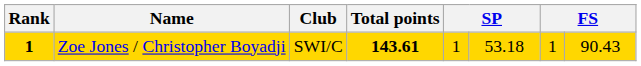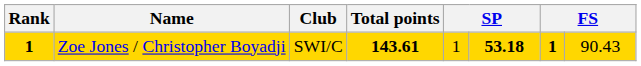 <table class="wikitable sortable">
 <tr>
 <th>Rank</th>
 <th>Name</th>
 <th>Club</th>
 <th>Total points</th>
 <th colspan="2" width="80px"><a href='#'>SP</a></th>
 <th colspan="2" width="80px"><a href='#'>FS</a></th>
 </tr>
 <tr bgcolor="gold">
 <td align="center"><strong>1</strong></td>
 <td><a href='#'>Zoe Jones</a> / <a href='#'>Christopher Boyadji</a></td>
 <td>SWI/C</td>
 <td align="center"><strong>143.61</strong></td>
 <td align="center">1</td>
-<td align="center">53.18</td>
-<td align="center">1</td>
+<td align="center"><strong>53.18</strong></td>
+<td align="center"><strong>1</strong></td>
 <td align="center">90.43</td>
 </tr>
 </table>
